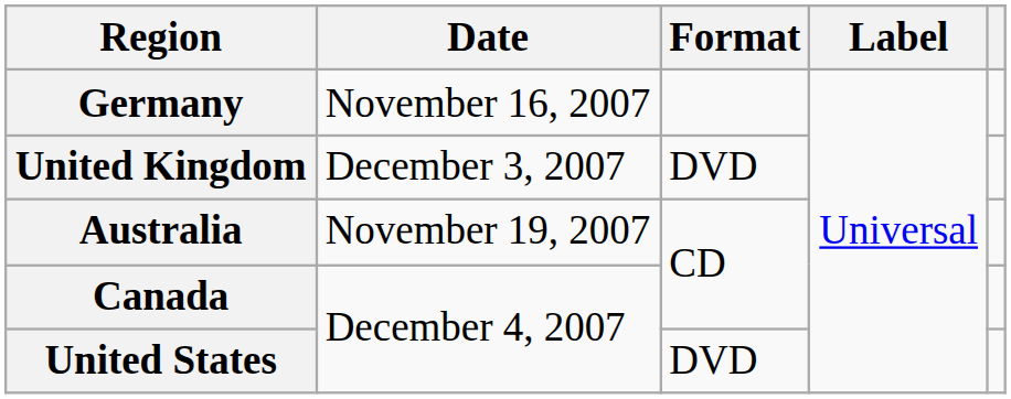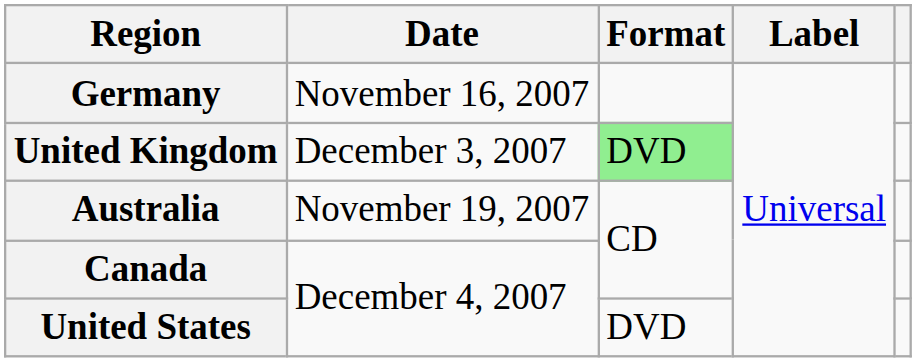 <table class="wikitable plainrowheaders">
 <tr>
 <th scope="col">Region</th>
 <th scope="col">Date</th>
 <th scope="col">Format</th>
 <th scope="col">Label</th>
 <th scope="col"></th>
 </tr>
 <tr>
 <th scope="row">Germany</th>
 <td>November 16, 2007</td>
 <td></td>
 <td rowspan="5"><a href='#'>Universal</a></td>
 <td></td>
 </tr>
 <tr>
 <th scope="row">United Kingdom</th>
 <td>December 3, 2007</td>
-<td>DVD</td>
+<td style="background: lightgreen;">DVD</td>
 <td></td>
 </tr>
 <tr>
 <th scope="row">Australia</th>
 <td>November 19, 2007</td>
 <td rowspan="2">CD</td>
 <td></td>
 </tr>
 <tr>
 <th scope="row">Canada</th>
 <td rowspan="2">December 4, 2007</td>
 <td></td>
 </tr>
 <tr>
 <th scope="row">United States</th>
 <td>DVD</td>
 <td></td>
 </tr>
 </table>
